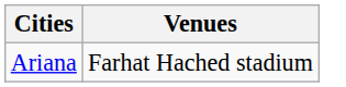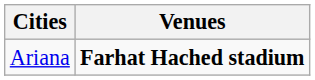 <table class="wikitable">
 <tr>
 <th>Cities</th>
 <th>Venues</th>
 </tr>
 <tr>
 <td><a href='#'>Ariana</a></td>
-<td>Farhat Hached stadium</td>
+<td><strong>Farhat Hached stadium</strong></td>
 </tr>
 </table>
